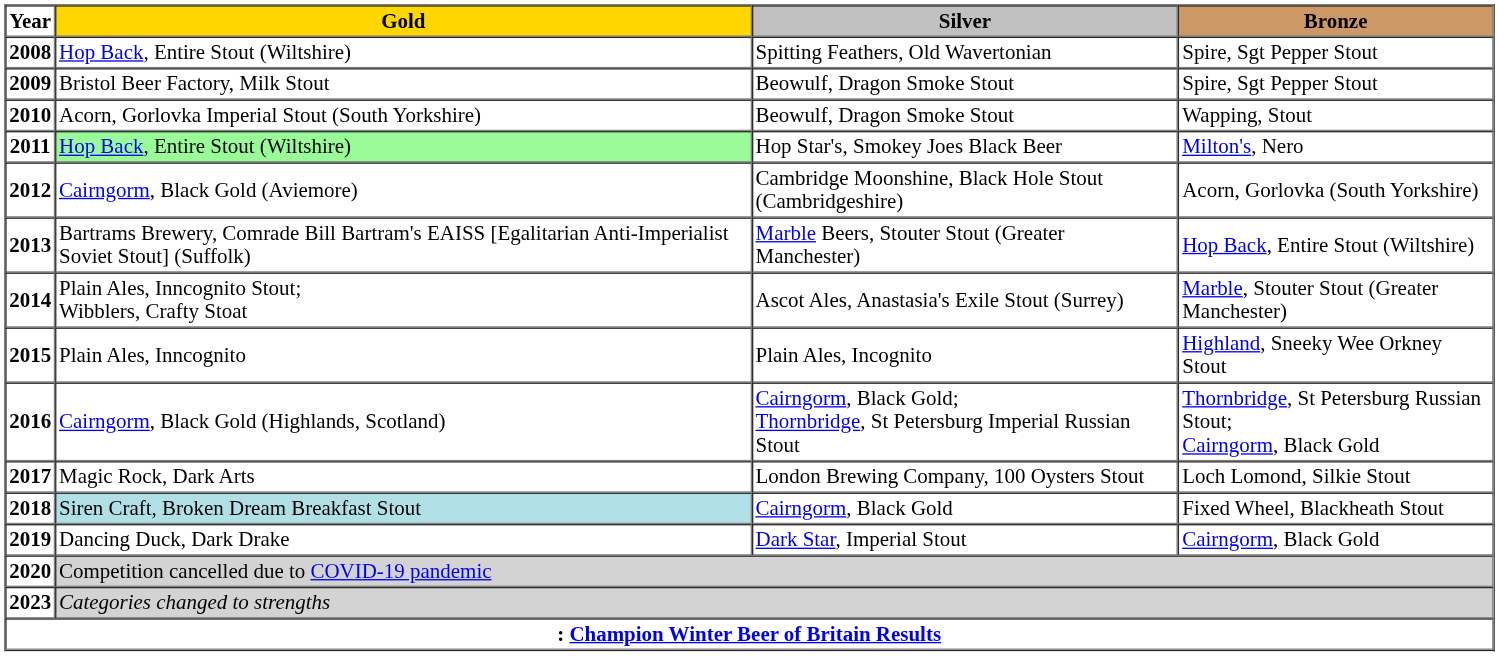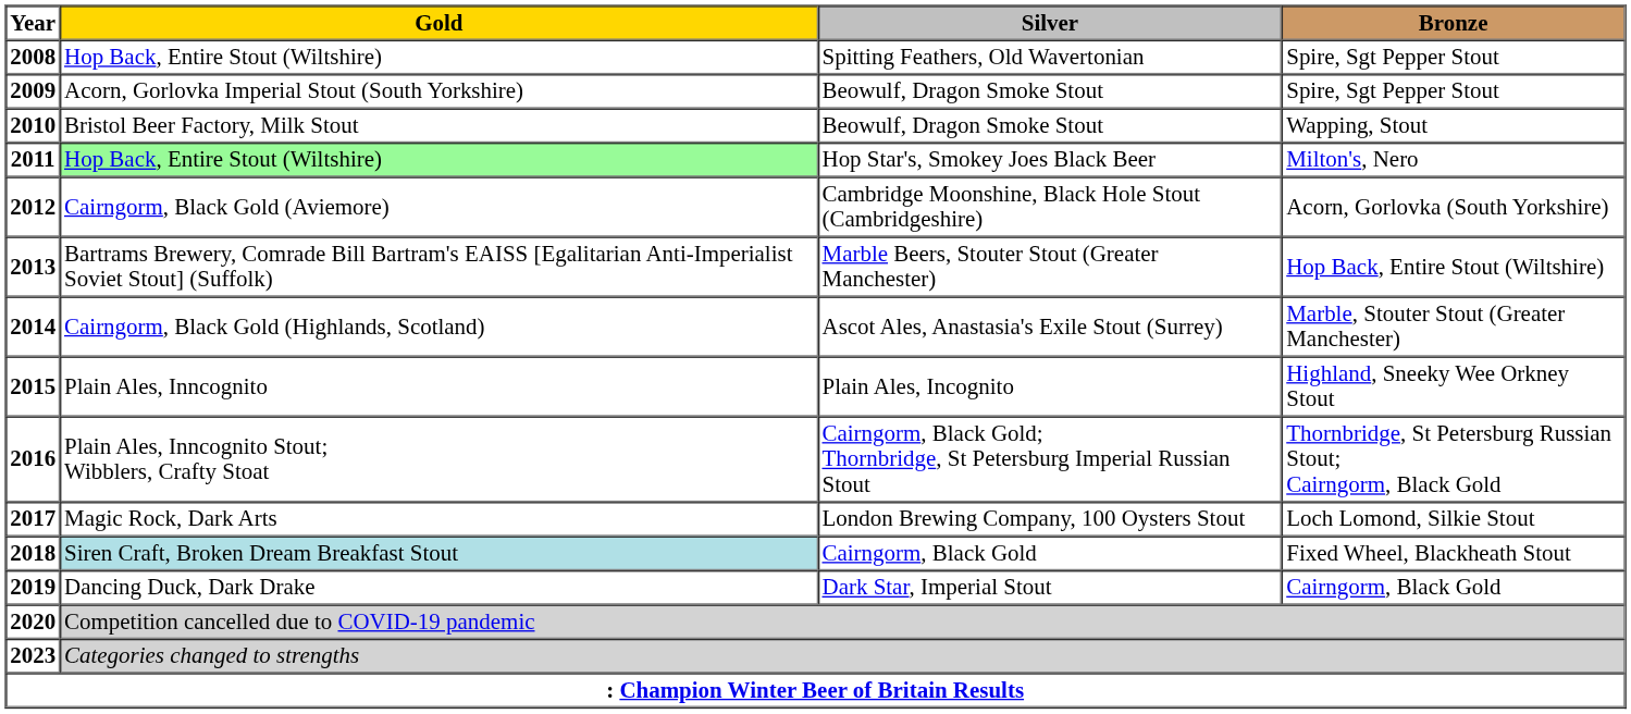 <table | width=90% border=1 cellpadding=2 cellspacing=0>
 <tr>
 <th>Year</th>
 <th style="background:gold;"><strong>Gold</strong></th>
 <th style="background:silver;"><strong>Silver</strong></th>
 <th style="background:#c96;"><strong>Bronze</strong></th>
 </tr>
 <tr>
 <th>2008</th>
 <td><a href='#'>Hop Back</a>, Entire Stout (Wiltshire)</td>
 <td>Spitting Feathers, Old Wavertonian</td>
 <td>Spire, Sgt Pepper Stout</td>
 </tr>
 <tr>
 <th>2009</th>
-<td>Bristol Beer Factory, Milk Stout</td>
+<td>Acorn, Gorlovka Imperial Stout (South Yorkshire)</td>
 <td>Beowulf, Dragon Smoke Stout</td>
 <td>Spire, Sgt Pepper Stout</td>
 </tr>
 <tr>
 <th>2010</th>
-<td>Acorn, Gorlovka Imperial Stout (South Yorkshire)</td>
+<td>Bristol Beer Factory, Milk Stout</td>
 <td>Beowulf, Dragon Smoke Stout</td>
 <td>Wapping, Stout</td>
 </tr>
 <tr>
 <th>2011</th>
 <td style="background:palegreen;"><a href='#'>Hop Back</a>, Entire Stout (Wiltshire)</td>
 <td>Hop Star's, Smokey Joes Black Beer</td>
 <td><a href='#'>Milton's</a>, Nero</td>
 </tr>
 <tr>
 <th>2012</th>
 <td><a href='#'>Cairngorm</a>, Black Gold (Aviemore)</td>
 <td>Cambridge Moonshine, Black Hole Stout (Cambridgeshire)</td>
 <td>Acorn, Gorlovka (South Yorkshire)</td>
 </tr>
 <tr>
 <th>2013</th>
 <td>Bartrams Brewery, Comrade Bill Bartram's EAISS [Egalitarian Anti-Imperialist Soviet Stout] (Suffolk)</td>
 <td><a href='#'>Marble</a> Beers, Stouter Stout (Greater Manchester)</td>
 <td><a href='#'>Hop Back</a>, Entire Stout (Wiltshire)</td>
 </tr>
 <tr>
 <th>2014</th>
-<td>Plain Ales, Inncognito Stout;<br> Wibblers, Crafty Stoat</td>
+<td><a href='#'>Cairngorm</a>, Black Gold (Highlands, Scotland)</td>
 <td>Ascot Ales, Anastasia's Exile Stout (Surrey)</td>
 <td><a href='#'>Marble</a>, Stouter Stout (Greater Manchester)</td>
 </tr>
 <tr>
 <th>2015</th>
 <td>Plain Ales, Inncognito </td>
 <td>Plain Ales, Incognito</td>
 <td><a href='#'>Highland</a>, Sneeky Wee Orkney Stout</td>
 </tr>
 <tr>
 <th>2016</th>
-<td><a href='#'>Cairngorm</a>, Black Gold (Highlands, Scotland)</td>
+<td>Plain Ales, Inncognito Stout;<br> Wibblers, Crafty Stoat</td>
 <td><a href='#'>Cairngorm</a>, Black Gold;<br> <a href='#'>Thornbridge</a>, St Petersburg Imperial Russian Stout</td>
 <td><a href='#'>Thornbridge</a>, St Petersburg Russian Stout;<br> <a href='#'>Cairngorm</a>, Black Gold</td>
 </tr>
 <tr>
 <th>2017</th>
 <td>Magic Rock, Dark Arts</td>
 <td>London Brewing Company, 100 Oysters Stout</td>
 <td>Loch Lomond, Silkie Stout</td>
 </tr>
 <tr>
 <th>2018</th>
 <td style="background:powderblue;">Siren Craft, Broken Dream Breakfast Stout</td>
 <td><a href='#'>Cairngorm</a>, Black Gold</td>
 <td>Fixed Wheel, Blackheath Stout</td>
 </tr>
 <tr>
 <th>2019</th>
 <td>Dancing Duck, Dark Drake</td>
 <td><a href='#'>Dark Star</a>, Imperial Stout</td>
 <td><a href='#'>Cairngorm</a>, Black Gold</td>
 </tr>
 <tr>
 <th>2020</th>
 <td style="background:lightgray;" colspan="3">Competition cancelled due to <a href='#'>COVID-19 pandemic</a></td>
 </tr>
 <tr>
 <th>2023</th>
 <td style="background:lightgray;" colspan="3"><em>Categories changed to strengths</em></td>
 </tr>
 <tr>
 <th colspan="4">: <a href='#'>Champion Winter Beer of Britain Results</a></th>
 </tr>
 </table>
